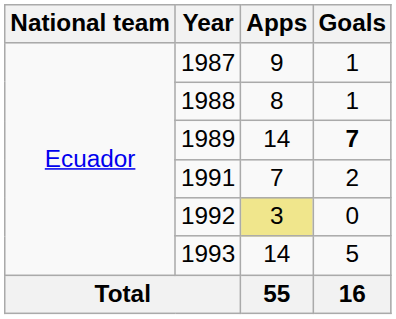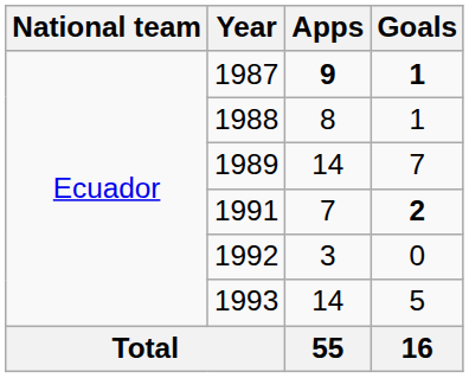 <table class="wikitable" style="text-align:center">
 <tr>
 <th>National team</th>
 <th>Year</th>
 <th>Apps</th>
 <th>Goals</th>
 </tr>
 <tr>
 <td rowspan="6"><a href='#'>Ecuador</a></td>
 <td>1987</td>
-<td>9</td>
-<td>1</td>
+<td><strong>9</strong></td>
+<td><strong>1</strong></td>
 </tr>
 <tr>
 <td>1988</td>
 <td>8</td>
 <td>1</td>
 </tr>
 <tr>
 <td>1989</td>
 <td>14</td>
-<td><strong>7</strong></td>
+<td>7</td>
 </tr>
 <tr>
 <td>1991</td>
 <td>7</td>
-<td>2</td>
+<td><strong>2</strong></td>
 </tr>
 <tr>
 <td>1992</td>
-<td style="background: khaki;">3</td>
+<td>3</td>
 <td>0</td>
 </tr>
 <tr>
 <td>1993</td>
 <td>14</td>
 <td>5</td>
 </tr>
 <tr>
 <th colspan="2">Total</th>
 <th>55</th>
 <th>16</th>
 </tr>
 </table>
